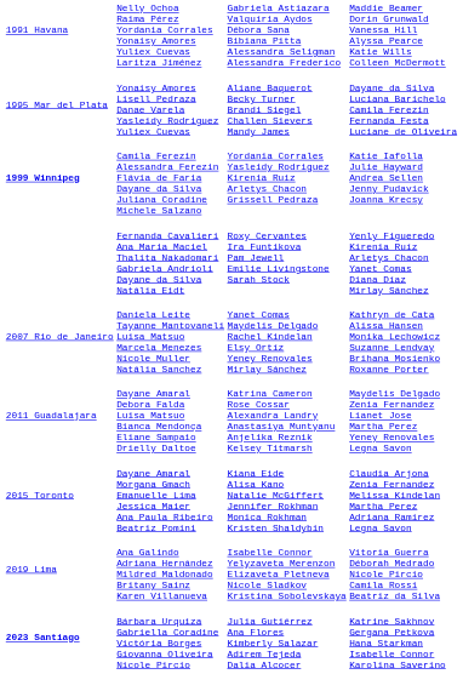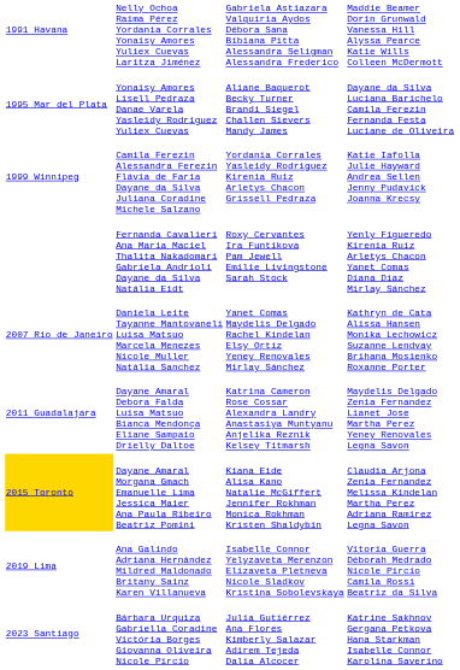 <table>
 <tr>
 <td><a href='#'>1991 Havana</a></td>
 <td><br><a href='#'>Nelly Ochoa</a><br><a href='#'>Raima Pérez</a><br><a href='#'>Yordania Corrales</a><br><a href='#'>Yonaisy Amores</a><br><a href='#'>Yuliex Cuevas</a><br><a href='#'>Laritza Jiménez</a></td>
 <td><br><a href='#'>Gabriela Astiazara</a><br><a href='#'>Valquíria Aydos</a><br><a href='#'>Débora Sana</a><br><a href='#'>Bibiana Pitta</a><br><a href='#'>Alessandra Seligman</a><br><a href='#'>Alessandra Frederico</a></td>
 <td><br><a href='#'>Maddie Beamer</a><br><a href='#'>Dorin Grunwald</a><br><a href='#'>Vanessa Hill</a><br><a href='#'>Alyssa Pearce</a><br><a href='#'>Katie Wills</a><br><a href='#'>Colleen McDermott</a></td>
 </tr>
 <tr>
 <td><a href='#'>1995 Mar del Plata</a></td>
 <td><br><a href='#'>Yonaisy Amores</a><br><a href='#'>Lisell Pedraza</a><br><a href='#'>Danae Varela</a><br><a href='#'>Yasleidy Rodriguez</a><br><a href='#'>Yuliex Cuevas</a></td>
 <td><br><a href='#'>Aliane Baquerot</a><br><a href='#'>Becky Turner</a><br><a href='#'>Brandi Siegel</a><br><a href='#'>Challen Sievers</a><br><a href='#'>Mandy James</a></td>
 <td><br><a href='#'>Dayane da Silva</a><br><a href='#'>Luciana Barichelo</a><br><a href='#'>Camila Ferezin</a><br><a href='#'>Fernanda Festa</a><br><a href='#'>Luciane de Oliveira</a></td>
 </tr>
 <tr>
-<td><strong><a href='#'>1999 Winnipeg</a></strong></td>
+<td><a href='#'>1999 Winnipeg</a></td>
 <td><br><a href='#'>Camila Ferezin</a><br><a href='#'>Alessandra Ferezin</a><br><a href='#'>Flávia de Faria</a><br><a href='#'>Dayane da Silva</a><br><a href='#'>Juliana Coradine</a><br><a href='#'>Michele Salzano</a></td>
 <td valign=top><br><a href='#'>Yordania Corrales</a><br><a href='#'>Yasleidy Rodriguez</a><br><a href='#'>Kirenia Ruiz</a><br><a href='#'>Arletys Chacon</a><br><a href='#'>Grissell Pedraza</a></td>
 <td valign=top><br><a href='#'>Katie Iafolla</a><br><a href='#'>Julie Hayward</a><br><a href='#'>Andrea Sellen</a><br><a href='#'>Jenny Pudavick</a><br><a href='#'>Joanna Krecsy</a></td>
 </tr>
 <tr>
 <td></td>
 <td><br><a href='#'>Fernanda Cavalieri</a><br><a href='#'>Ana Maria Maciel</a><br><a href='#'>Thalita Nakadomari</a><br><a href='#'>Gabriela Andrioli</a><br><a href='#'>Dayane da Silva</a><br><a href='#'>Natália Eidt</a></td>
 <td valign=top><br><a href='#'>Roxy Cervantes</a><br><a href='#'>Ira Funtikova</a><br><a href='#'>Pam Jewell</a><br><a href='#'>Emilie Livingstone</a><br><a href='#'>Sarah Stock</a></td>
 <td valign=top><br><a href='#'>Yenly Figueredo</a><br><a href='#'>Kirenia Ruíz</a><br><a href='#'>Arletys Chacon</a><br><a href='#'>Yanet Comas</a><br><a href='#'>Diana Díaz</a><br><a href='#'>Mirlay Sánchez</a></td>
 </tr>
 <tr>
 <td><a href='#'>2007 Rio de Janeiro</a></td>
 <td><br><a href='#'>Daniela Leite</a><br> <a href='#'>Tayanne Mantovaneli</a><br> <a href='#'>Luisa Matsuo</a><br> <a href='#'>Marcela Menezes</a><br> <a href='#'>Nicole Muller</a><br> <a href='#'>Natália Sanchez</a></td>
 <td><br><a href='#'>Yanet Comas</a><br> <a href='#'>Maydelis Delgado</a><br> <a href='#'>Rachel Kindelan</a><br> <a href='#'>Elsy Ortíz</a><br> <a href='#'>Yeney Renovales</a><br> <a href='#'>Mirlay Sánchez</a></td>
 <td><br><a href='#'>Kathryn de Cata</a><br> <a href='#'>Alissa Hansen</a><br> <a href='#'>Monika Lechowicz</a><br> <a href='#'>Suzanne Lendvay</a><br> <a href='#'>Brihana Mosienko</a><br> <a href='#'>Roxanne Porter</a></td>
 </tr>
 <tr>
 <td><a href='#'>2011 Guadalajara</a></td>
 <td><br><a href='#'>Dayane Amaral</a><br><a href='#'>Debora Falda</a><br><a href='#'>Luisa Matsuo</a><br><a href='#'>Bianca Mendonça</a><br><a href='#'>Eliane Sampaio</a><br><a href='#'>Drielly Daltoe</a></td>
 <td><br><a href='#'>Katrina Cameron</a><br><a href='#'>Rose Cossar</a><br><a href='#'>Alexandra Landry</a><br><a href='#'>Anastasiya Muntyanu</a><br><a href='#'>Anjelika Reznik</a><br><a href='#'>Kelsey Titmarsh</a></td>
 <td><br><a href='#'>Maydelis Delgado</a><br><a href='#'>Zenia Fernandez</a><br><a href='#'>Lianet Jose</a><br><a href='#'>Martha Perez</a><br><a href='#'>Yeney Renovales</a><br><a href='#'>Legna Savon</a></td>
 </tr>
 <tr>
-<td><a href='#'>2015 Toronto</a></td>
+<td style="background: gold;"><a href='#'>2015 Toronto</a></td>
 <td><br><a href='#'>Dayane Amaral</a><br><a href='#'>Morgana Gmach</a><br><a href='#'>Emanuelle Lima</a><br><a href='#'>Jessica Maier</a><br><a href='#'>Ana Paula Ribeiro</a><br><a href='#'>Beatriz Pomini</a></td>
 <td><br><a href='#'>Kiana Eide</a><br><a href='#'>Alisa Kano</a><br><a href='#'>Natalie McGiffert</a><br><a href='#'>Jennifer Rokhman</a><br><a href='#'>Monica Rokhman</a><br><a href='#'>Kristen Shaldybin</a></td>
 <td><br><a href='#'>Claudia Arjona</a><br><a href='#'>Zenia Fernandez</a><br><a href='#'>Melissa Kindelan</a><br><a href='#'>Martha Perez</a><br><a href='#'>Adriana Ramirez</a><br><a href='#'>Legna Savon</a></td>
 </tr>
 <tr>
 <td><a href='#'>2019 Lima</a></td>
 <td><br><a href='#'>Ana Galindo</a><br><a href='#'>Adriana Hernández</a><br><a href='#'>Mildred Maldonado</a><br><a href='#'>Britany Sainz</a><br><a href='#'>Karen Villanueva</a></td>
 <td><br><a href='#'>Isabelle Connor</a><br><a href='#'>Yelyzaveta Merenzon</a><br><a href='#'>Elizaveta Pletneva</a><br><a href='#'>Nicole Sladkov</a><br><a href='#'>Kristina Sobolevskaya</a></td>
 <td><br><a href='#'>Vitoria Guerra</a><br><a href='#'>Déborah Medrado</a><br><a href='#'>Nicole Pircio</a><br><a href='#'>Camila Rossi</a><br><a href='#'>Beatriz da Silva</a></td>
 </tr>
 <tr>
-<td><strong><a href='#'>2023 Santiago</a></strong></td>
+<td><a href='#'>2023 Santiago</a></td>
 <td><br><a href='#'>Bárbara Urquiza</a><br><a href='#'>Gabriella Coradine</a><br><a href='#'>Victória Borges</a><br><a href='#'>Giovanna Oliveira</a><br><a href='#'>Nicole Pircio</a></td>
 <td><br><a href='#'>Julia Gutiérrez</a><br><a href='#'>Ana Flores</a><br><a href='#'>Kimberly Salazar</a><br><a href='#'>Adirem Tejeda</a><br><a href='#'>Dalia Alcocer</a></td>
 <td><br><a href='#'>Katrine Sakhnov</a><br><a href='#'>Gergana Petkova</a><br><a href='#'>Hana Starkman</a><br><a href='#'>Isabelle Connor</a><br><a href='#'>Karolina Saverino</a></td>
 </tr>
 </table>
